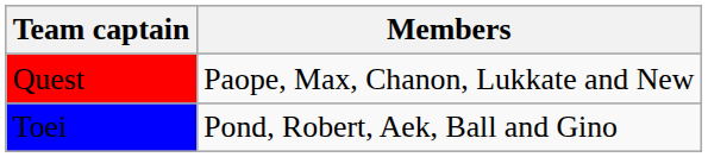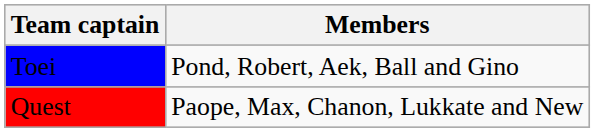 <table class="wikitable">
 <tr>
 <th>Team captain</th>
 <th>Members</th>
 </tr>
 <tr>
+<td style="background:#0000FF"><span>Toei</span></td>
+<td>Pond, Robert, Aek, Ball and Gino</td>
+</tr>
+<tr>
 <td style="background:red"><span>Quest</span></td>
 <td>Paope, Max, Chanon, Lukkate and New</td>
 </tr>
-<tr>
-<td style="background:#0000FF"><span>Toei</span></td>
-<td>Pond, Robert, Aek, Ball and Gino</td>
-</tr>
 </table>
